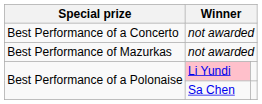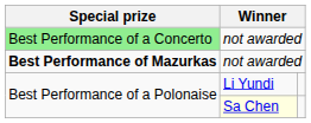 <table class="wikitable">
 <tr>
 <th>Special prize</th>
 <th colspan="2">Winner</th>
 </tr>
 <tr>
-<td>Best Performance of a Concerto</td>
+<td style="background: lightgreen;">Best Performance of a Concerto</td>
 <td colspan="2" align="center"><em>not awarded</em></td>
 </tr>
 <tr>
-<td>Best Performance of Mazurkas</td>
+<td><strong>Best Performance of Mazurkas</strong></td>
 <td colspan="2" align="center"><em>not awarded</em></td>
 </tr>
 <tr>
 <td rowspan="2">Best Performance of a Polonaise</td>
-<td style="background: pink;"><a href='#'>Li Yundi</a></td>
+<td><a href='#'>Li Yundi</a></td>
 <td></td>
 </tr>
 <tr>
-<td><a href='#'>Sa Chen</a></td>
+<td style="background: lightyellow;"><a href='#'>Sa Chen</a></td>
 <td></td>
 </tr>
 </table>
